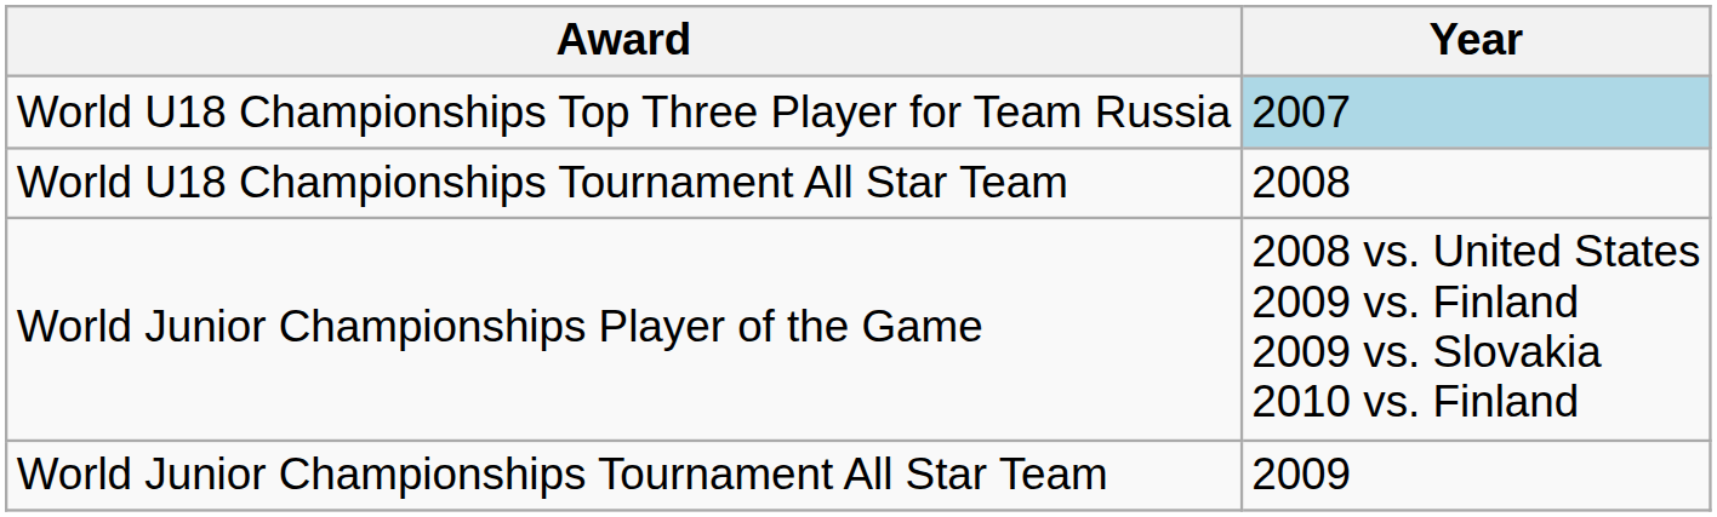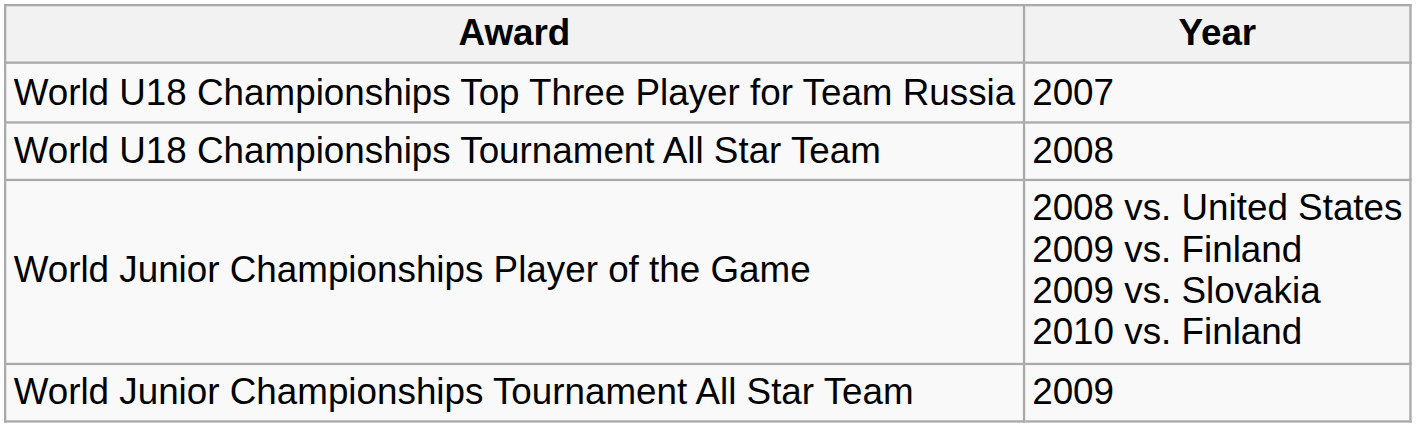 <table class="wikitable" border="1">
 <tr>
 <th>Award</th>
 <th>Year</th>
 </tr>
 <tr>
 <td>World U18 Championships Top Three Player for Team Russia</td>
-<td style="background: lightblue;">2007</td>
+<td>2007</td>
 </tr>
 <tr>
 <td>World U18 Championships Tournament All Star Team</td>
 <td>2008</td>
 </tr>
 <tr>
 <td>World Junior Championships Player of the Game</td>
 <td>2008 vs. United States<br>2009 vs. Finland<br>2009 vs. Slovakia<br>2010 vs. Finland</td>
 </tr>
 <tr>
 <td>World Junior Championships Tournament All Star Team</td>
 <td>2009</td>
 </tr>
 </table>
